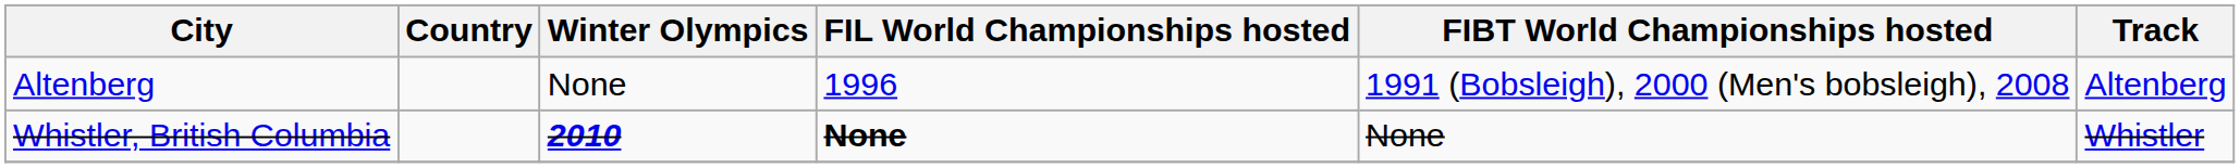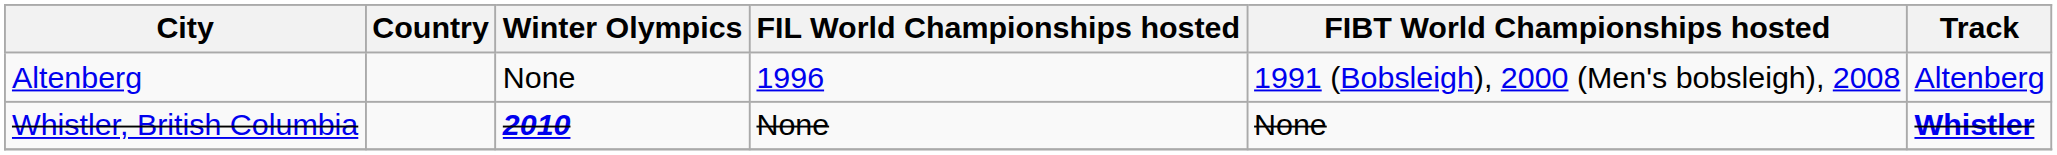 <table class="wikitable">
 <tr>
 <th>City</th>
 <th>Country</th>
 <th>Winter Olympics</th>
 <th>FIL World Championships hosted</th>
 <th>FIBT World Championships hosted</th>
 <th>Track</th>
 </tr>
 <tr>
 <td><a href='#'>Altenberg</a></td>
 <td></td>
 <td>None</td>
 <td><a href='#'>1996</a></td>
 <td><a href='#'>1991</a> (<a href='#'>Bobsleigh</a>), <a href='#'>2000</a> (Men's bobsleigh), <a href='#'>2008</a></td>
 <td><a href='#'>Altenberg</a></td>
 </tr>
 <tr>
 <td><s><a href='#'>Whistler, British Columbia</a></s></td>
 <td><s></s></td>
 <td><strong><s><em><a href='#'>2010</a></em></s></strong></td>
-<td><strong><s>None</s></strong></td>
 <td><s>None</s></td>
-<td><s><a href='#'>Whistler</a></s></td>
+<td><s>None</s></td>
+<td><strong><s><a href='#'>Whistler</a></s></strong></td>
 </tr>
 <tr>
 </tr>
 </table>
